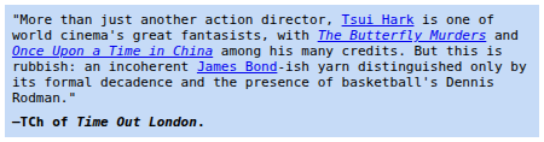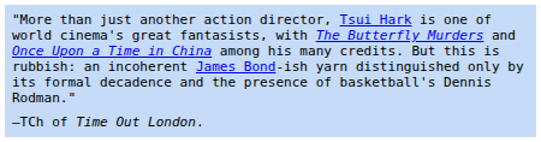 <table class="toccolours" style="float: right; margin-left: 1em; margin-right: 2em; font-size: 85%; background:#c6dbf7; color:black; width:40em; max-width: 35%;" cellspacing="5">
 <tr>
 <td style="text-align: left;">"More than just another action director, <a href='#'>Tsui Hark</a> is one of world cinema's great fantasists, with <em><a href='#'>The Butterfly Murders</a></em> and <em><a href='#'>Once Upon a Time in China</a></em> among his many credits. But this is rubbish: an incoherent <a href='#'>James Bond</a>-ish yarn distinguished only by its formal decadence and the presence of basketball's Dennis Rodman."</td>
 </tr>
 <tr>
-<td style="text-align: left;"><strong>—TCh of <em>Time Out London</em>.</strong></td>
+<td style="text-align: left;">—TCh of <em>Time Out London</em>.</td>
 </tr>
 </table>
